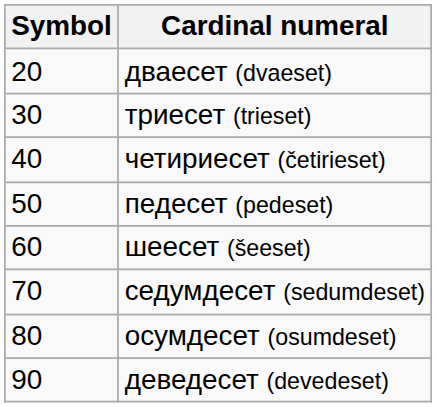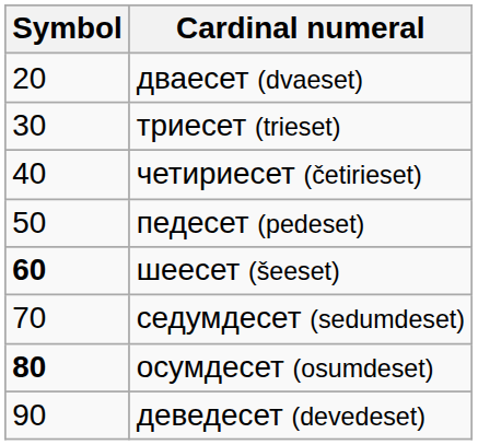 <table class="wikitable" align="center">
 <tr>
 <th>Symbol</th>
 <th>Cardinal numeral</th>
 </tr>
 <tr>
 <td>20</td>
 <td>дваесет <small>(dvaeset)</small></td>
 </tr>
 <tr>
 <td>30</td>
 <td>триесет <small>(trieset)</small></td>
 </tr>
 <tr>
 <td>40</td>
 <td>четириесет <small>(četirieset)</small></td>
 </tr>
 <tr>
 <td>50</td>
 <td>педесет <small>(pedeset)</small></td>
 </tr>
 <tr>
-<td>60</td>
+<td><strong>60</strong></td>
 <td>шеесет <small>(šeeset)</small></td>
 </tr>
 <tr>
 <td>70</td>
 <td>седумдесет <small>(sedumdeset)</small></td>
 </tr>
 <tr>
-<td>80</td>
+<td><strong>80</strong></td>
 <td>осумдесет <small>(osumdeset)</small></td>
 </tr>
 <tr>
 <td>90</td>
 <td>деведесет <small>(devedeset)</small></td>
 </tr>
 </table>
